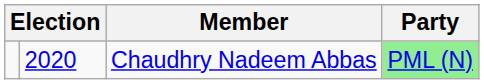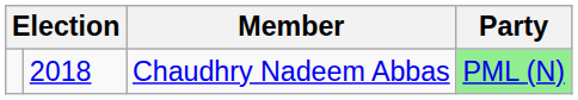 <table class="wikitable">
 <tr>
 <th colspan="2">Election</th>
 <th>Member</th>
 <th>Party</th>
 </tr>
 <tr>
 <td style="background-color: "></td>
-<td><a href='#'>2020</a></td>
+<td><a href='#'>2018</a></td>
 <td><a href='#'>Chaudhry Nadeem Abbas</a></td>
 <td style="background: lightgreen;"><a href='#'>PML (N)</a></td>
 </tr>
 </table>
